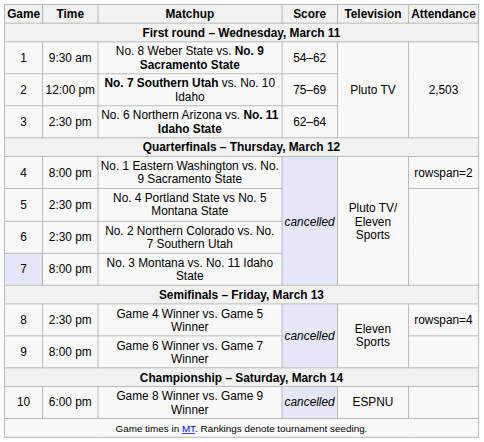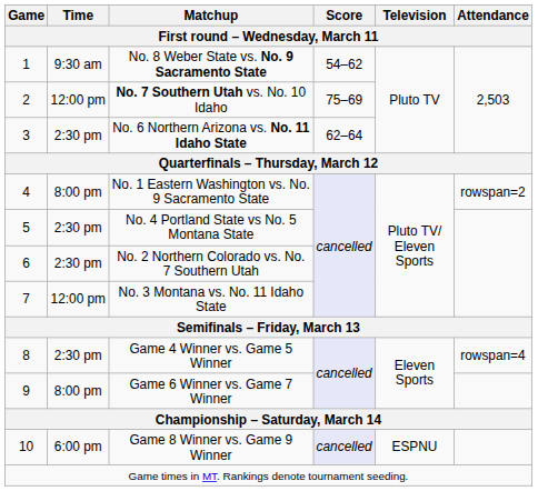 <table class="wikitable" style="font-size: 95%; text-align:center">
 <tr>
 <th>Game</th>
 <th>Time</th>
 <th>Matchup</th>
 <th>Score</th>
 <th>Television</th>
 <th>Attendance</th>
 </tr>
 <tr>
 <th colspan=7>First round – Wednesday, March 11</th>
 </tr>
 <tr>
 <td>1</td>
 <td>9:30 am</td>
 <td>No. 8 Weber State vs. <strong>No. 9 Sacramento State</strong></td>
 <td>54–62</td>
 <td rowspan=3>Pluto TV</td>
 <td rowspan=3>2,503</td>
 </tr>
 <tr>
 <td>2</td>
 <td>12:00 pm</td>
 <td><strong>No. 7 Southern Utah</strong> vs. No. 10 Idaho</td>
 <td>75–69</td>
 </tr>
 <tr>
 <td>3</td>
 <td>2:30 pm</td>
 <td>No. 6 Northern Arizona vs. <strong>No. 11 Idaho State</strong></td>
 <td>62–64</td>
 </tr>
 <tr>
 <th colspan=7>Quarterfinals – Thursday, March 12</th>
 </tr>
 <tr>
 <td>4</td>
 <td>8:00 pm</td>
 <td>No. 1 Eastern Washington vs. No. 9 Sacramento State</td>
 <td rowspan=4 style="background:#E6E8FA;"><em>cancelled</em></td>
 <td rowspan=4>Pluto TV/<br>Eleven Sports</td>
 <td>rowspan=2</td>
 </tr>
 <tr>
 <td>5</td>
 <td>2:30 pm</td>
 <td>No. 4 Portland State vs No. 5 Montana State</td>
 </tr>
 <tr>
 <td>6</td>
 <td>2:30 pm</td>
 <td>No. 2 Northern Colorado vs. No. 7 Southern Utah</td>
 </tr>
 <tr>
-<td style="background: lavender;">7</td>
-<td>8:00 pm</td>
+<td>7</td>
+<td>12:00 pm</td>
 <td>No. 3 Montana vs. No. 11 Idaho State</td>
 </tr>
 <tr>
 <th colspan=7>Semifinals – Friday, March 13</th>
 </tr>
 <tr>
 <td>8</td>
 <td>2:30 pm</td>
 <td>Game 4 Winner vs. Game 5 Winner</td>
 <td rowspan=2 style="background:#E6E8FA;"><em>cancelled</em></td>
 <td rowspan=2>Eleven Sports</td>
 <td>rowspan=4</td>
 </tr>
 <tr>
 <td>9</td>
 <td>8:00 pm</td>
 <td>Game 6 Winner vs. Game 7 Winner</td>
 </tr>
 <tr>
 <th colspan=7>Championship – Saturday, March 14</th>
 </tr>
 <tr>
 <td>10</td>
 <td>6:00 pm</td>
 <td>Game 8 Winner vs. Game 9 Winner</td>
 <td style="background:#E6E8FA;"><em>cancelled</em></td>
 <td>ESPNU</td>
 <td></td>
 </tr>
 <tr>
 <td colspan=6><small>Game times in <a href='#'>MT</a>. Rankings denote tournament seeding.</small></td>
 </tr>
 </table>
